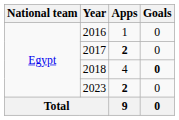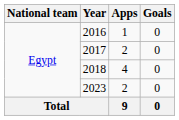 <table class=wikitable style=text-align:center>
 <tr>
 <th>National team</th>
 <th>Year</th>
 <th>Apps</th>
 <th>Goals</th>
 </tr>
 <tr>
 <td rowspan=4><a href='#'>Egypt</a></td>
 <td>2016</td>
 <td>1</td>
 <td>0</td>
 </tr>
 <tr>
 <td>2017</td>
-<td><strong>2</strong></td>
+<td>2</td>
 <td>0</td>
 </tr>
 <tr>
 <td>2018</td>
 <td>4</td>
-<td><strong>0</strong></td>
+<td>0</td>
 </tr>
 <tr>
 <td>2023</td>
-<td><strong>2</strong></td>
+<td>2</td>
 <td>0</td>
 </tr>
 <tr>
 <th colspan=2>Total</th>
 <th>9</th>
 <th>0</th>
 </tr>
 </table>
